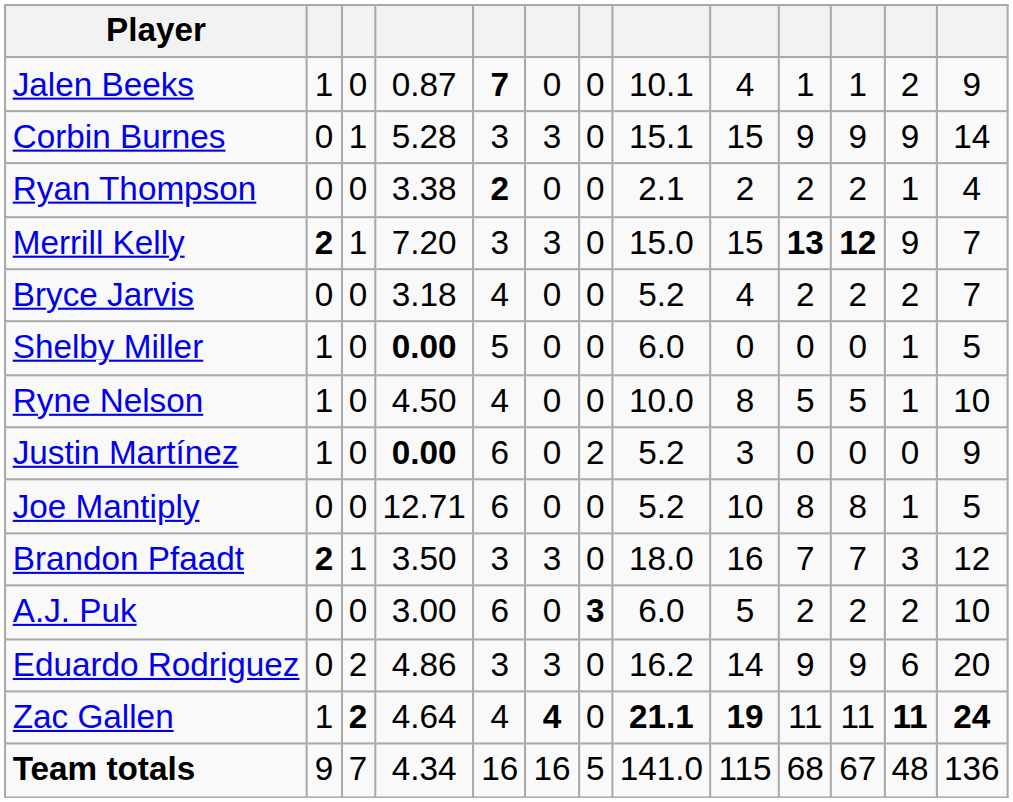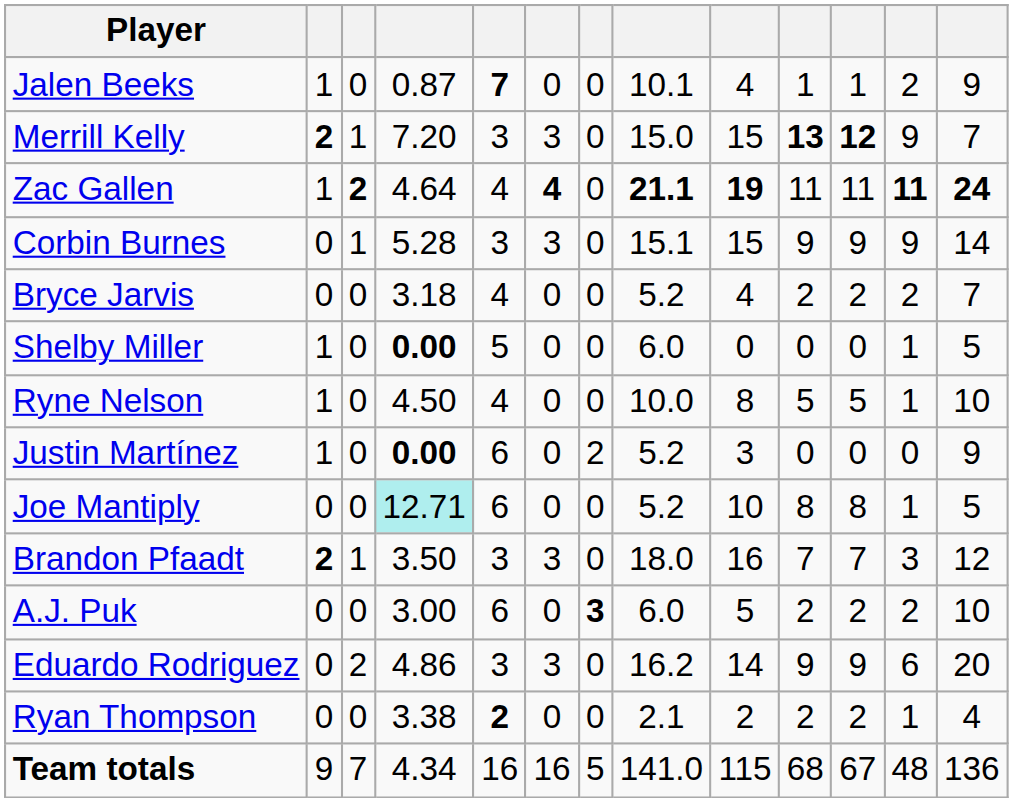 <table class="wikitable sortable" style="text-align:center;">
 <tr>
 <th>Player</th>
 <th></th>
 <th></th>
 <th></th>
 <th></th>
 <th></th>
 <th></th>
 <th></th>
 <th></th>
 <th></th>
 <th></th>
 <th></th>
 <th></th>
 </tr>
 <tr>
 <td align=left><a href='#'>Jalen Beeks</a></td>
 <td>1</td>
 <td>0</td>
 <td>0.87</td>
 <td><strong>7</strong></td>
 <td>0</td>
 <td>0</td>
 <td>10.1</td>
 <td>4</td>
 <td>1</td>
 <td>1</td>
 <td>2</td>
 <td>9</td>
 </tr>
 <tr>
+<td align="left"><a href='#'>Merrill Kelly</a></td>
+<td><strong>2</strong></td>
+<td>1</td>
+<td>7.20</td>
+<td>3</td>
+<td>3</td>
+<td>0</td>
+<td>15.0</td>
+<td>15</td>
+<td><strong>13</strong></td>
+<td><strong>12</strong></td>
+<td>9</td>
+<td>7</td>
+</tr>
+<tr>
+<td align="left"><a href='#'>Zac Gallen</a></td>
+<td>1</td>
+<td><strong>2</strong></td>
+<td>4.64</td>
+<td>4</td>
+<td><strong>4</strong></td>
+<td>0</td>
+<td><strong>21.1</strong></td>
+<td><strong>19</strong></td>
+<td>11</td>
+<td>11</td>
+<td><strong>11</strong></td>
+<td><strong>24</strong></td>
+</tr>
+<tr>
 <td align="left"><a href='#'>Corbin Burnes</a></td>
 <td>0</td>
 <td>1</td>
 <td>5.28</td>
 <td>3</td>
 <td>3</td>
 <td>0</td>
 <td>15.1</td>
 <td>15</td>
 <td>9</td>
 <td>9</td>
 <td>9</td>
 <td>14</td>
-</tr>
-<tr>
-<td align="left"><a href='#'>Ryan Thompson</a></td>
-<td>0</td>
-<td>0</td>
-<td>3.38</td>
-<td><strong>2</strong></td>
-<td>0</td>
-<td>0</td>
-<td>2.1</td>
-<td>2</td>
-<td>2</td>
-<td>2</td>
-<td>1</td>
-<td>4</td>
-</tr>
-<tr>
-<td align="left"><a href='#'>Merrill Kelly</a></td>
-<td><strong>2</strong></td>
-<td>1</td>
-<td>7.20</td>
-<td>3</td>
-<td>3</td>
-<td>0</td>
-<td>15.0</td>
-<td>15</td>
-<td><strong>13</strong></td>
-<td><strong>12</strong></td>
-<td>9</td>
-<td>7</td>
 </tr>
 <tr>
 <td align="left"><a href='#'>Bryce Jarvis</a></td>
 <td>0</td>
 <td>0</td>
 <td>3.18</td>
 <td>4</td>
 <td>0</td>
 <td>0</td>
 <td>5.2</td>
 <td>4</td>
 <td>2</td>
 <td>2</td>
 <td>2</td>
 <td>7</td>
 </tr>
 <tr>
 <td align="left"><a href='#'>Shelby Miller</a></td>
 <td>1</td>
 <td>0</td>
 <td><strong>0.00</strong></td>
 <td>5</td>
 <td>0</td>
 <td>0</td>
 <td>6.0</td>
 <td>0</td>
 <td>0</td>
 <td>0</td>
 <td>1</td>
 <td>5</td>
 </tr>
 <tr>
 <td align="left"><a href='#'>Ryne Nelson</a></td>
 <td>1</td>
 <td>0</td>
 <td>4.50</td>
 <td>4</td>
 <td>0</td>
 <td>0</td>
 <td>10.0</td>
 <td>8</td>
 <td>5</td>
 <td>5</td>
 <td>1</td>
 <td>10</td>
 </tr>
 <tr>
 <td align="left"><a href='#'>Justin Martínez</a></td>
 <td>1</td>
 <td>0</td>
 <td><strong>0.00</strong></td>
 <td>6</td>
 <td>0</td>
 <td>2</td>
 <td>5.2</td>
 <td>3</td>
 <td>0</td>
 <td>0</td>
 <td>0</td>
 <td>9</td>
 </tr>
 <tr>
 <td align="left"><a href='#'>Joe Mantiply</a></td>
 <td>0</td>
 <td>0</td>
-<td>12.71</td>
+<td style="background: paleturquoise;">12.71</td>
 <td>6</td>
 <td>0</td>
 <td>0</td>
 <td>5.2</td>
 <td>10</td>
 <td>8</td>
 <td>8</td>
 <td>1</td>
 <td>5</td>
 </tr>
 <tr>
 <td align="left"><a href='#'>Brandon Pfaadt</a></td>
 <td><strong>2</strong></td>
 <td>1</td>
 <td>3.50</td>
 <td>3</td>
 <td>3</td>
 <td>0</td>
 <td>18.0</td>
 <td>16</td>
 <td>7</td>
 <td>7</td>
 <td>3</td>
 <td>12</td>
 </tr>
 <tr>
 <td align="left"><a href='#'>A.J. Puk</a></td>
 <td>0</td>
 <td>0</td>
 <td>3.00</td>
 <td>6</td>
 <td>0</td>
 <td><strong>3</strong></td>
 <td>6.0</td>
 <td>5</td>
 <td>2</td>
 <td>2</td>
 <td>2</td>
 <td>10</td>
 </tr>
 <tr>
 <td align="left"><a href='#'>Eduardo Rodriguez</a></td>
 <td>0</td>
 <td>2</td>
 <td>4.86</td>
 <td>3</td>
 <td>3</td>
 <td>0</td>
 <td>16.2</td>
 <td>14</td>
 <td>9</td>
 <td>9</td>
 <td>6</td>
 <td>20</td>
 </tr>
 <tr>
-<td align="left"><a href='#'>Zac Gallen</a></td>
+<td align="left"><a href='#'>Ryan Thompson</a></td>
+<td>0</td>
+<td>0</td>
+<td>3.38</td>
+<td><strong>2</strong></td>
+<td>0</td>
+<td>0</td>
+<td>2.1</td>
+<td>2</td>
+<td>2</td>
+<td>2</td>
 <td>1</td>
-<td><strong>2</strong></td>
-<td>4.64</td>
 <td>4</td>
-<td><strong>4</strong></td>
-<td>0</td>
-<td><strong>21.1</strong></td>
-<td><strong>19</strong></td>
-<td>11</td>
-<td>11</td>
-<td><strong>11</strong></td>
-<td><strong>24</strong></td>
 </tr>
 <tr class="sortbottom">
 <td align="left"><strong>Team totals</strong></td>
 <td>9</td>
 <td>7</td>
 <td>4.34</td>
 <td>16</td>
 <td>16</td>
 <td>5</td>
 <td>141.0</td>
 <td>115</td>
 <td>68</td>
 <td>67</td>
 <td>48</td>
 <td>136</td>
 </tr>
 </table>
